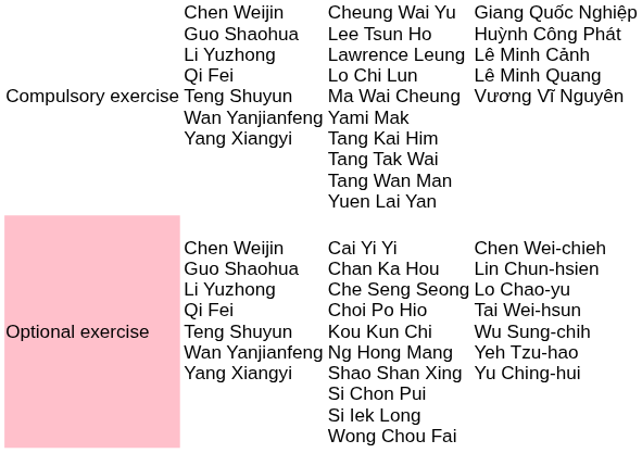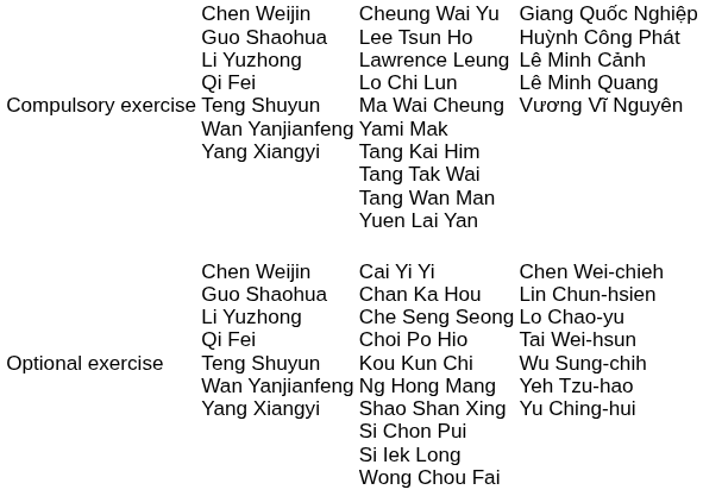 <table>
 <tr>
 <td>Compulsory exercise</td>
 <td valign=top><br>Chen Weijin<br>Guo Shaohua<br>Li Yuzhong<br>Qi Fei<br>Teng Shuyun<br>Wan Yanjianfeng<br>Yang Xiangyi</td>
 <td><br>Cheung Wai Yu<br>Lee Tsun Ho<br>Lawrence Leung<br>Lo Chi Lun<br>Ma Wai Cheung<br>Yami Mak<br>Tang Kai Him<br>Tang Tak Wai<br>Tang Wan Man<br>Yuen Lai Yan</td>
 <td valign=top><br>Giang Quốc Nghiệp<br>Huỳnh Công Phát<br>Lê Minh Cảnh<br>Lê Minh Quang<br>Vương Vĩ Nguyên</td>
 </tr>
 <tr>
-<td style="background: pink;">Optional exercise</td>
+<td>Optional exercise</td>
 <td valign=top><br>Chen Weijin<br>Guo Shaohua<br>Li Yuzhong<br>Qi Fei<br>Teng Shuyun<br>Wan Yanjianfeng<br>Yang Xiangyi</td>
 <td><br>Cai Yi Yi<br>Chan Ka Hou<br>Che Seng Seong<br>Choi Po Hio<br>Kou Kun Chi<br>Ng Hong Mang<br>Shao Shan Xing<br>Si Chon Pui<br>Si Iek Long<br>Wong Chou Fai</td>
 <td valign=top><br>Chen Wei-chieh<br>Lin Chun-hsien<br>Lo Chao-yu<br>Tai Wei-hsun<br>Wu Sung-chih<br>Yeh Tzu-hao<br>Yu Ching-hui</td>
 </tr>
 </table>
